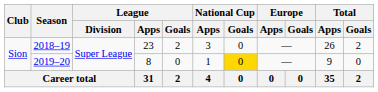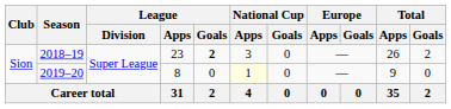 <table class="wikitable" style="text-align:center">
 <tr>
 <th rowspan="2">Club</th>
 <th rowspan="2">Season</th>
 <th colspan="3">League</th>
 <th colspan="2">National Cup</th>
 <th colspan="2">Europe</th>
 <th colspan="2">Total</th>
 </tr>
 <tr>
 <th>Division</th>
 <th>Apps</th>
 <th>Goals</th>
 <th>Apps</th>
 <th>Goals</th>
 <th>Apps</th>
 <th>Goals</th>
 <th>Apps</th>
 <th>Goals</th>
 </tr>
 <tr>
 <td rowspan="2"><a href='#'>Sion</a></td>
 <td><a href='#'>2018–19</a></td>
 <td rowspan="2"><a href='#'>Super League</a></td>
 <td>23</td>
-<td>2</td>
+<td><strong>2</strong></td>
 <td>3</td>
 <td>0</td>
 <td colspan="2">—</td>
 <td>26</td>
 <td>2</td>
 </tr>
 <tr>
 <td><a href='#'>2019–20</a></td>
 <td>8</td>
 <td>0</td>
-<td>1</td>
-<td style="background: gold;">0</td>
+<td style="background: lightyellow;">1</td>
+<td>0</td>
 <td colspan="2">—</td>
 <td>9</td>
 <td>0</td>
 </tr>
 <tr>
 <th colspan="3">Career total</th>
 <th>31</th>
 <th>2</th>
 <th>4</th>
 <th>0</th>
 <th>0</th>
 <th>0</th>
 <th>35</th>
 <th>2</th>
 </tr>
 </table>
